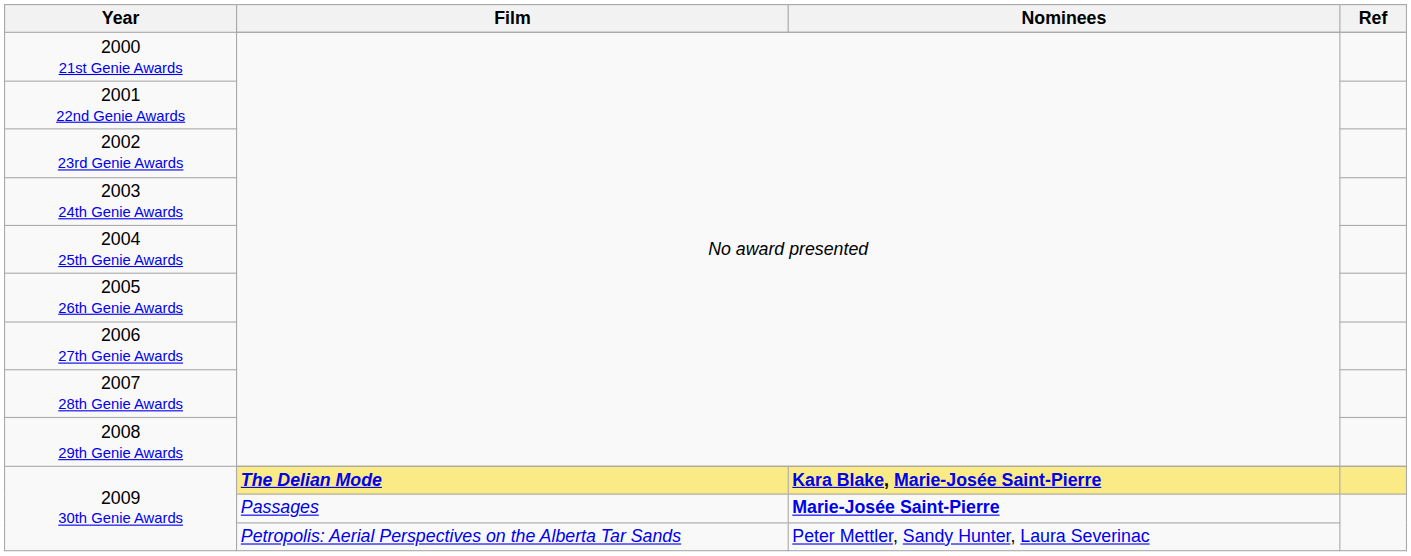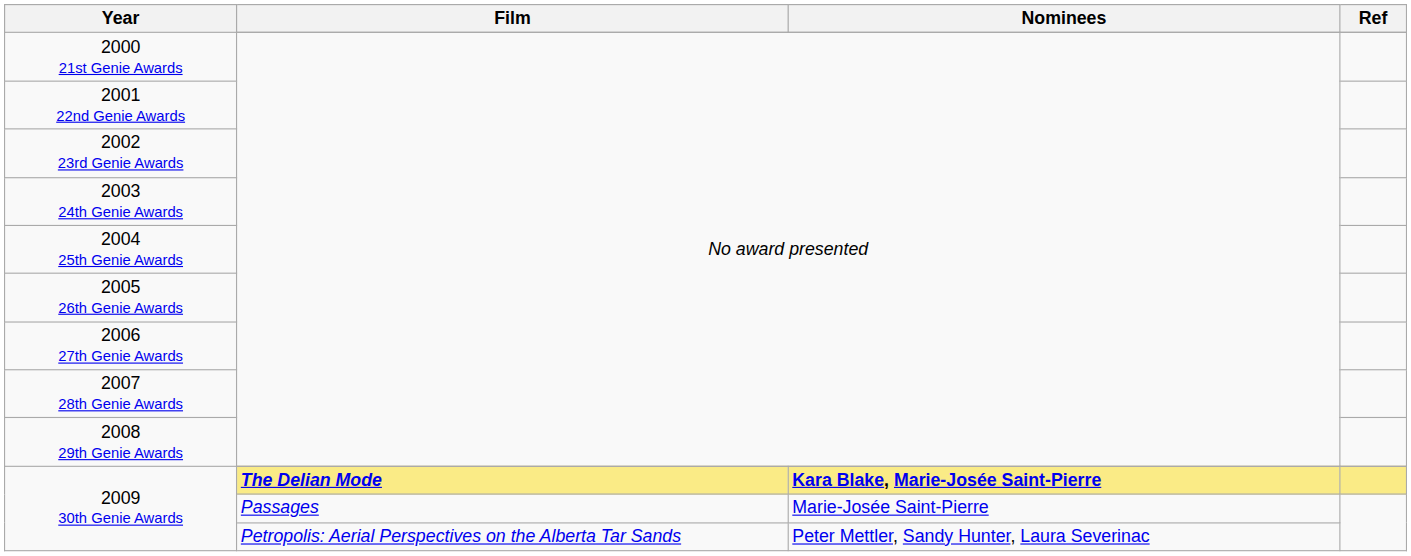 <table class="wikitable" style="width:100%;">
 <tr style="background:#bebebe;">
 <th style="width:8%;">Year</th>
 <th style="width:19%;">Film</th>
 <th style="width:19%;">Nominees</th>
 <th style="width:2%;">Ref</th>
 </tr>
 <tr>
 <td rowspan="2" align="center">2000 <br> <small><a href='#'>21st Genie Awards</a></small></td>
 </tr>
 <tr>
 <td rowspan=9 colspan=2 align=center><em>No award presented</em></td>
 <td></td>
 </tr>
 <tr>
 <td align="center">2001 <br> <small><a href='#'>22nd Genie Awards</a></small></td>
 <td></td>
 </tr>
 <tr>
 <td align="center">2002 <br> <small><a href='#'>23rd Genie Awards</a></small></td>
 <td></td>
 </tr>
 <tr>
 <td align="center">2003 <br> <small><a href='#'>24th Genie Awards</a></small></td>
 <td></td>
 </tr>
 <tr>
 <td align="center">2004 <br> <small><a href='#'>25th Genie Awards</a></small></td>
 <td></td>
 </tr>
 <tr>
 <td align="center">2005 <br> <small><a href='#'>26th Genie Awards</a></small></td>
 <td></td>
 </tr>
 <tr>
 <td align="center">2006 <br> <small><a href='#'>27th Genie Awards</a></small></td>
 <td></td>
 </tr>
 <tr>
 <td align="center">2007 <br> <small><a href='#'>28th Genie Awards</a></small></td>
 <td></td>
 </tr>
 <tr>
 <td align="center">2008 <br> <small><a href='#'>29th Genie Awards</a></small></td>
 <td></td>
 </tr>
 <tr>
 <td rowspan="4" align="center">2009 <br> <small><a href='#'>30th Genie Awards</a></small></td>
 </tr>
 <tr style="background:#FAEB86;">
 <td><strong><em><a href='#'>The Delian Mode</a></em></strong></td>
 <td><strong><a href='#'>Kara Blake</a>, <a href='#'>Marie-Josée Saint-Pierre</a></strong></td>
 <td></td>
 </tr>
 <tr>
 <td><em><a href='#'>Passages</a></em></td>
-<td><strong><a href='#'>Marie-Josée Saint-Pierre</a></strong></td>
+<td><a href='#'>Marie-Josée Saint-Pierre</a></td>
 <td rowspan=2></td>
 </tr>
 <tr>
 <td><em><a href='#'>Petropolis: Aerial Perspectives on the Alberta Tar Sands</a></em></td>
 <td><a href='#'>Peter Mettler</a>, <a href='#'>Sandy Hunter</a>, <a href='#'>Laura Severinac</a></td>
 </tr>
 </table>
